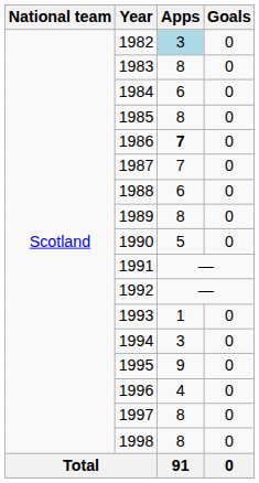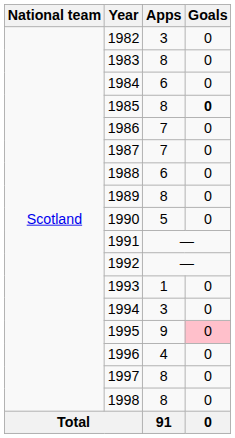 <table class="wikitable" style="text-align:center">
 <tr>
 <th>National team</th>
 <th>Year</th>
 <th>Apps</th>
 <th>Goals</th>
 </tr>
 <tr>
 <td rowspan="17"><a href='#'>Scotland</a></td>
 <td>1982</td>
-<td style="background: lightblue;">3</td>
+<td>3</td>
 <td>0</td>
 </tr>
 <tr>
 <td>1983</td>
 <td>8</td>
 <td>0</td>
 </tr>
 <tr>
 <td>1984</td>
 <td>6</td>
 <td>0</td>
 </tr>
 <tr>
 <td>1985</td>
 <td>8</td>
-<td>0</td>
+<td><strong>0</strong></td>
 </tr>
 <tr>
 <td>1986</td>
-<td><strong>7</strong></td>
+<td>7</td>
 <td>0</td>
 </tr>
 <tr>
 <td>1987</td>
 <td>7</td>
 <td>0</td>
 </tr>
 <tr>
 <td>1988</td>
 <td>6</td>
 <td>0</td>
 </tr>
 <tr>
 <td>1989</td>
 <td>8</td>
 <td>0</td>
 </tr>
 <tr>
 <td>1990</td>
 <td>5</td>
 <td>0</td>
 </tr>
 <tr>
 <td>1991</td>
 <td colspan="2">—</td>
 </tr>
 <tr>
 <td>1992</td>
 <td colspan="2">—</td>
 </tr>
 <tr>
 <td>1993</td>
 <td>1</td>
 <td>0</td>
 </tr>
 <tr>
 <td>1994</td>
 <td>3</td>
 <td>0</td>
 </tr>
 <tr>
 <td>1995</td>
 <td>9</td>
-<td>0</td>
+<td style="background: pink;">0</td>
 </tr>
 <tr>
 <td>1996</td>
 <td>4</td>
 <td>0</td>
 </tr>
 <tr>
 <td>1997</td>
 <td>8</td>
 <td>0</td>
 </tr>
 <tr>
 <td>1998</td>
 <td>8</td>
 <td>0</td>
 </tr>
 <tr>
 <th colspan="2">Total</th>
 <th>91</th>
 <th>0</th>
 </tr>
 </table>
